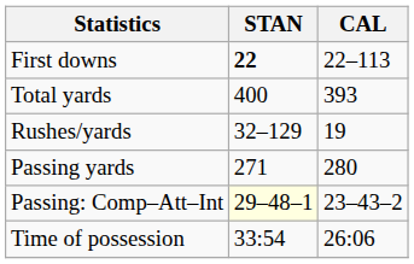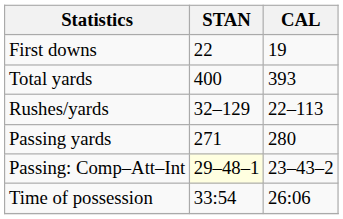 <table class="wikitable" style="float: left;">
 <tr>
 <th>Statistics</th>
 <th>STAN</th>
 <th>CAL</th>
 </tr>
 <tr>
 <td>First downs</td>
-<td><strong>22</strong></td>
-<td>22–113</td>
+<td>22</td>
+<td>19</td>
 </tr>
 <tr>
 <td>Total yards</td>
 <td>400</td>
 <td>393</td>
 </tr>
 <tr>
 <td>Rushes/yards</td>
 <td>32–129</td>
-<td>19</td>
+<td>22–113</td>
 </tr>
 <tr>
 <td>Passing yards</td>
 <td>271</td>
 <td>280</td>
 </tr>
 <tr>
 <td>Passing: Comp–Att–Int</td>
 <td style="background: lightyellow;">29–48–1</td>
 <td>23–43–2</td>
 </tr>
 <tr>
 <td>Time of possession</td>
 <td>33:54</td>
 <td>26:06</td>
 </tr>
 <tr>
 </tr>
 </table>
